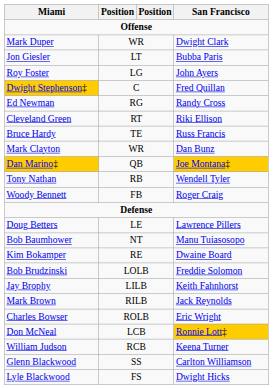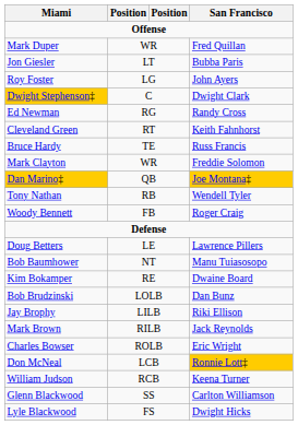 <table class="wikitable">
 <tr>
 <th width="150px">Miami</th>
 <th>Position</th>
 <th>Position</th>
 <th width="150px">San Francisco</th>
 </tr>
 <tr>
 <td colspan="4" style="text-align:center;"><strong>Offense</strong></td>
 </tr>
 <tr>
 <td><a href='#'>Mark Duper</a></td>
 <td colspan="2" style="text-align:center;">WR</td>
-<td><a href='#'>Dwight Clark</a></td>
+<td><a href='#'>Fred Quillan</a></td>
 </tr>
 <tr>
 <td><a href='#'>Jon Giesler</a></td>
 <td colspan="2" style="text-align:center;">LT</td>
 <td><a href='#'>Bubba Paris</a></td>
 </tr>
 <tr>
 <td><a href='#'>Roy Foster</a></td>
 <td colspan="2" style="text-align:center;">LG</td>
 <td><a href='#'>John Ayers</a></td>
 </tr>
 <tr>
 <td bgcolor="#FFCC00"><a href='#'>Dwight Stephenson</a>‡</td>
 <td colspan="2" style="text-align:center;">C</td>
-<td><a href='#'>Fred Quillan</a></td>
+<td><a href='#'>Dwight Clark</a></td>
 </tr>
 <tr>
 <td><a href='#'>Ed Newman</a></td>
 <td colspan="2" style="text-align:center;">RG</td>
 <td><a href='#'>Randy Cross</a></td>
 </tr>
 <tr>
 <td><a href='#'>Cleveland Green</a></td>
 <td colspan="2" style="text-align:center;">RT</td>
-<td><a href='#'>Riki Ellison</a></td>
+<td><a href='#'>Keith Fahnhorst</a></td>
 </tr>
 <tr>
 <td><a href='#'>Bruce Hardy</a></td>
 <td colspan="2" style="text-align:center;">TE</td>
 <td><a href='#'>Russ Francis</a></td>
 </tr>
 <tr>
 <td><a href='#'>Mark Clayton</a></td>
 <td colspan="2" style="text-align:center;">WR</td>
-<td><a href='#'>Dan Bunz</a></td>
+<td><a href='#'>Freddie Solomon</a></td>
 </tr>
 <tr>
 <td bgcolor="#FFCC00"><a href='#'>Dan Marino</a>‡</td>
 <td colspan="2" style="text-align:center;">QB</td>
 <td bgcolor="#FFCC00"><a href='#'>Joe Montana</a>‡</td>
 </tr>
 <tr>
 <td><a href='#'>Tony Nathan</a></td>
 <td colspan="2" style="text-align:center;">RB</td>
 <td><a href='#'>Wendell Tyler</a></td>
 </tr>
 <tr>
 <td><a href='#'>Woody Bennett</a></td>
 <td colspan="2" style="text-align:center;">FB</td>
 <td><a href='#'>Roger Craig</a></td>
 </tr>
 <tr>
 <td colspan="4" style="text-align:center;"><strong>Defense</strong></td>
 </tr>
 <tr>
 <td><a href='#'>Doug Betters</a></td>
 <td colspan="2" style="text-align:center;">LE</td>
 <td><a href='#'>Lawrence Pillers</a></td>
 </tr>
 <tr>
 <td><a href='#'>Bob Baumhower</a></td>
 <td colspan="2" style="text-align:center;">NT</td>
 <td><a href='#'>Manu Tuiasosopo</a></td>
 </tr>
 <tr>
 <td><a href='#'>Kim Bokamper</a></td>
 <td colspan="2" style="text-align:center;">RE</td>
 <td><a href='#'>Dwaine Board</a></td>
 </tr>
 <tr>
 <td><a href='#'>Bob Brudzinski</a></td>
 <td colspan="2" style="text-align:center;">LOLB</td>
-<td><a href='#'>Freddie Solomon</a></td>
+<td><a href='#'>Dan Bunz</a></td>
 </tr>
 <tr>
 <td><a href='#'>Jay Brophy</a></td>
 <td colspan="2" style="text-align:center;">LILB</td>
-<td><a href='#'>Keith Fahnhorst</a></td>
+<td><a href='#'>Riki Ellison</a></td>
 </tr>
 <tr>
 <td><a href='#'>Mark Brown</a></td>
 <td colspan="2" style="text-align:center;">RILB</td>
 <td><a href='#'>Jack Reynolds</a></td>
 </tr>
 <tr>
 <td><a href='#'>Charles Bowser</a></td>
 <td colspan="2" style="text-align:center;">ROLB</td>
 <td><a href='#'>Eric Wright</a></td>
 </tr>
 <tr>
 <td><a href='#'>Don McNeal</a></td>
 <td colspan="2" style="text-align:center;">LCB</td>
 <td bgcolor="#FFCC00"><a href='#'>Ronnie Lott</a>‡</td>
 </tr>
 <tr>
 <td><a href='#'>William Judson</a></td>
 <td colspan="2" style="text-align:center;">RCB</td>
 <td><a href='#'>Keena Turner</a></td>
 </tr>
 <tr>
 <td><a href='#'>Glenn Blackwood</a></td>
 <td colspan="2" style="text-align:center;">SS</td>
 <td><a href='#'>Carlton Williamson</a></td>
 </tr>
 <tr>
 <td><a href='#'>Lyle Blackwood</a></td>
 <td colspan="2" style="text-align:center;">FS</td>
 <td><a href='#'>Dwight Hicks</a></td>
 </tr>
 </table>
